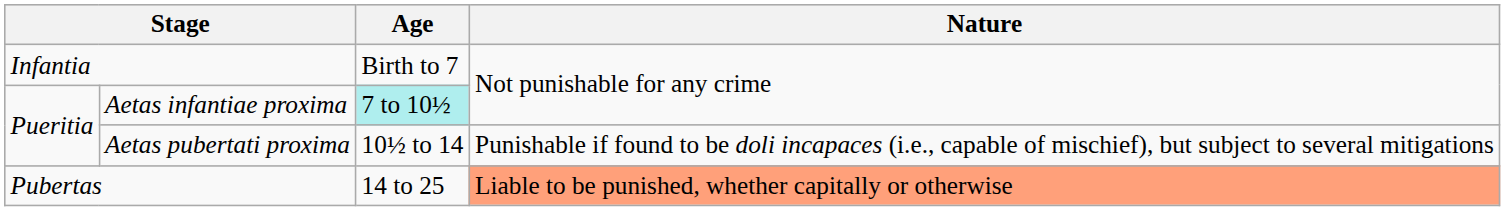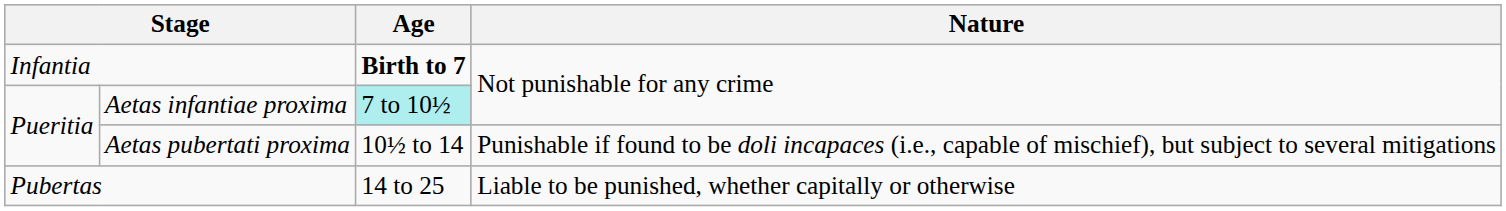 <table class="wikitable">
 <tr>
 <th colspan="2">Stage</th>
 <th>Age</th>
 <th>Nature</th>
 </tr>
 <tr>
 <td colspan="2"><em>Infantia</em></td>
-<td>Birth to 7</td>
+<td><strong>Birth to 7</strong></td>
 <td rowspan="2">Not punishable for any crime</td>
 </tr>
 <tr>
 <td rowspan="2"><em>Pueritia</em></td>
 <td><em>Aetas infantiae proxima</em></td>
 <td style="background: paleturquoise;">7 to 10½</td>
 </tr>
 <tr>
 <td><em>Aetas pubertati proxima</em></td>
 <td>10½ to 14</td>
 <td>Punishable if found to be <em>doli incapaces</em> (i.e., capable of mischief), but subject to several mitigations</td>
 </tr>
 <tr>
 <td colspan="2"><em>Pubertas</em></td>
 <td>14 to 25</td>
-<td style="background: lightsalmon;">Liable to be punished, whether capitally or otherwise</td>
+<td>Liable to be punished, whether capitally or otherwise</td>
 </tr>
 </table>
